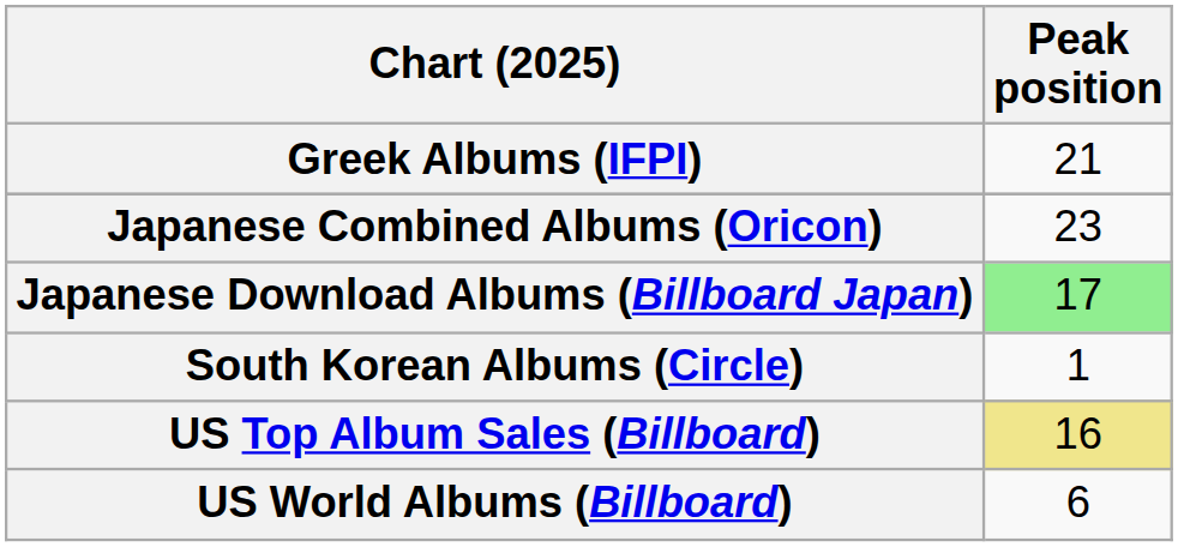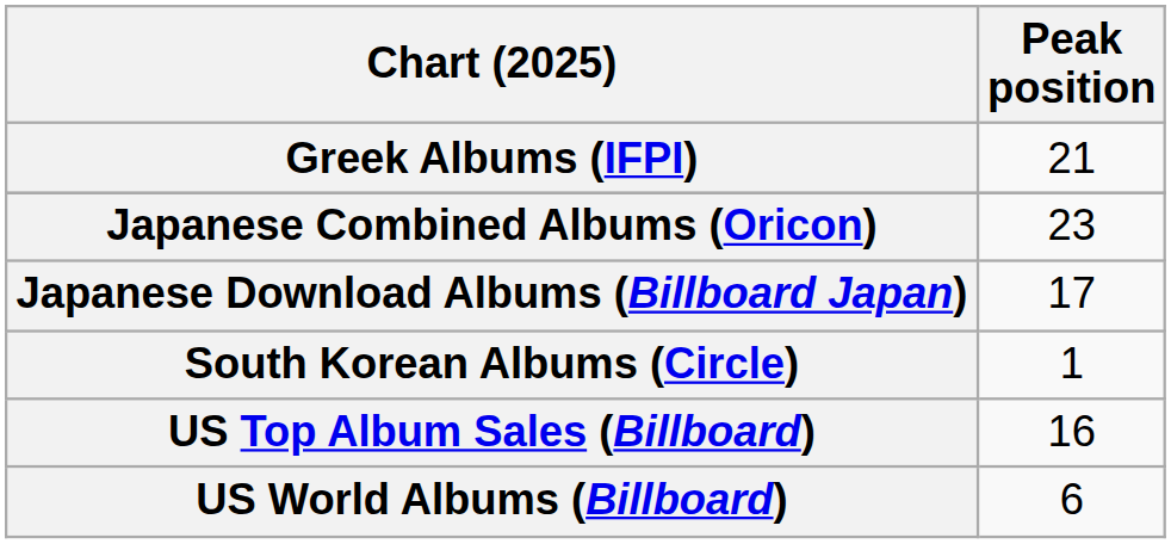 <table class="wikitable sortable plainrowheaders" style="text-align:center">
 <tr>
 <th scope="col">Chart (2025)</th>
 <th scope="col">Peak<br>position</th>
 </tr>
 <tr>
 <th scope="row">Greek Albums (<a href='#'>IFPI</a>)</th>
 <td>21</td>
 </tr>
 <tr>
 </tr>
 <tr>
 <th scope="row">Japanese Combined Albums (<a href='#'>Oricon</a>)</th>
 <td>23</td>
 </tr>
 <tr>
 <th scope="row">Japanese Download Albums (<em><a href='#'>Billboard Japan</a></em>)</th>
-<td style="background: lightgreen;">17</td>
+<td>17</td>
 </tr>
 <tr>
 <th scope="row">South Korean Albums (<a href='#'>Circle</a>)</th>
 <td>1</td>
 </tr>
 <tr>
 <th scope="row">US <a href='#'>Top Album Sales</a> (<em><a href='#'>Billboard</a></em>)</th>
-<td style="background: khaki;">16</td>
+<td>16</td>
 </tr>
 <tr>
 <th scope="row">US World Albums (<a href='#'><em>Billboard</em></a>)</th>
 <td>6</td>
 </tr>
 </table>
